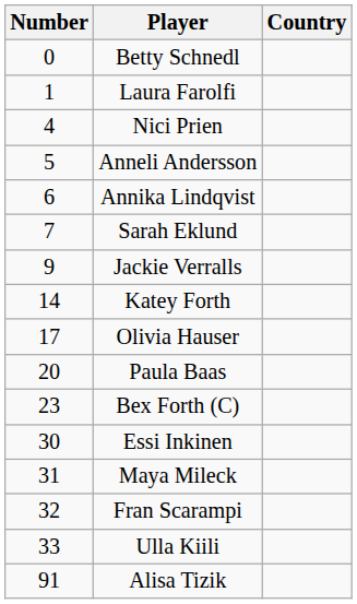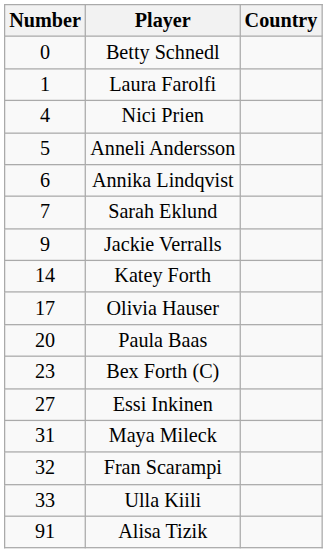 <table class="wikitable" ; width:50%;">
 <tr>
 <th>Number</th>
 <th>Player</th>
 <th>Country</th>
 </tr>
 <tr>
 <td style="text-align: center">0</td>
 <td style="text-align: center">Betty Schnedl</td>
 <td></td>
 </tr>
 <tr>
 <td style="text-align: center">1</td>
 <td style="text-align: center">Laura Farolfi</td>
 <td></td>
 </tr>
 <tr>
 <td style="text-align: center">4</td>
 <td style="text-align: center">Nici Prien</td>
 <td></td>
 </tr>
 <tr>
 <td style="text-align: center">5</td>
 <td style="text-align: center">Anneli Andersson</td>
 <td></td>
 </tr>
 <tr>
 <td style="text-align: center">6</td>
 <td style="text-align: center">Annika Lindqvist</td>
 <td></td>
 </tr>
 <tr>
 <td style="text-align: center">7</td>
 <td style="text-align: center">Sarah Eklund</td>
 <td></td>
 </tr>
 <tr>
 <td style="text-align: center">9</td>
 <td style="text-align: center">Jackie Verralls</td>
 <td></td>
 </tr>
 <tr>
 <td style="text-align: center">14</td>
 <td style="text-align: center">Katey Forth</td>
 <td></td>
 </tr>
 <tr>
 <td style="text-align: center">17</td>
 <td style="text-align: center">Olivia Hauser</td>
 <td></td>
 </tr>
 <tr>
 <td style="text-align: center">20</td>
 <td style="text-align: center">Paula Baas</td>
 <td></td>
 </tr>
 <tr>
 <td style="text-align: center">23</td>
 <td style="text-align: center">Bex Forth (C)</td>
 <td></td>
 </tr>
 <tr>
-<td style="text-align: center">30</td>
+<td style="text-align: center">27</td>
 <td style="text-align: center">Essi Inkinen</td>
 <td></td>
 </tr>
 <tr>
 <td style="text-align: center">31</td>
 <td style="text-align: center">Maya Mileck</td>
 <td></td>
 </tr>
 <tr>
 <td style="text-align: center">32</td>
 <td style="text-align: center">Fran Scarampi</td>
 <td></td>
 </tr>
 <tr>
 <td style="text-align: center">33</td>
 <td style="text-align: center">Ulla Kiili</td>
 <td></td>
 </tr>
 <tr>
 <td style="text-align: center">91</td>
 <td style="text-align: center">Alisa Tizik</td>
 <td></td>
 </tr>
 </table>
